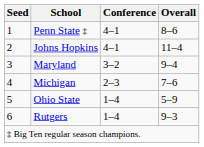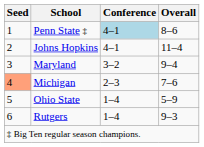 <table class="wikitable">
 <tr>
 <th>Seed</th>
 <th>School</th>
 <th>Conference</th>
 <th>Overall</th>
 </tr>
 <tr>
 <td>1</td>
 <td><a href='#'>Penn State</a> <small>‡</small></td>
-<td>4–1</td>
+<td style="background: lightblue;">4–1</td>
 <td>8–6</td>
 </tr>
 <tr>
 <td>2</td>
 <td><a href='#'>Johns Hopkins</a></td>
 <td>4–1</td>
 <td>11–4</td>
 </tr>
 <tr>
 <td>3</td>
 <td><a href='#'>Maryland</a></td>
 <td>3–2</td>
 <td>9–4</td>
 </tr>
 <tr>
-<td>4</td>
+<td style="background: lightsalmon;">4</td>
 <td><a href='#'>Michigan</a></td>
 <td>2–3</td>
 <td>7–6</td>
 </tr>
 <tr>
 <td>5</td>
 <td><a href='#'>Ohio State</a></td>
 <td>1–4</td>
 <td>5–9</td>
 </tr>
 <tr>
 <td>6</td>
 <td><a href='#'>Rutgers</a></td>
 <td>1–4</td>
 <td>9–3</td>
 </tr>
 <tr>
 <td colspan="4"><small>‡ Big Ten regular season champions.</small></td>
 </tr>
 </table>
